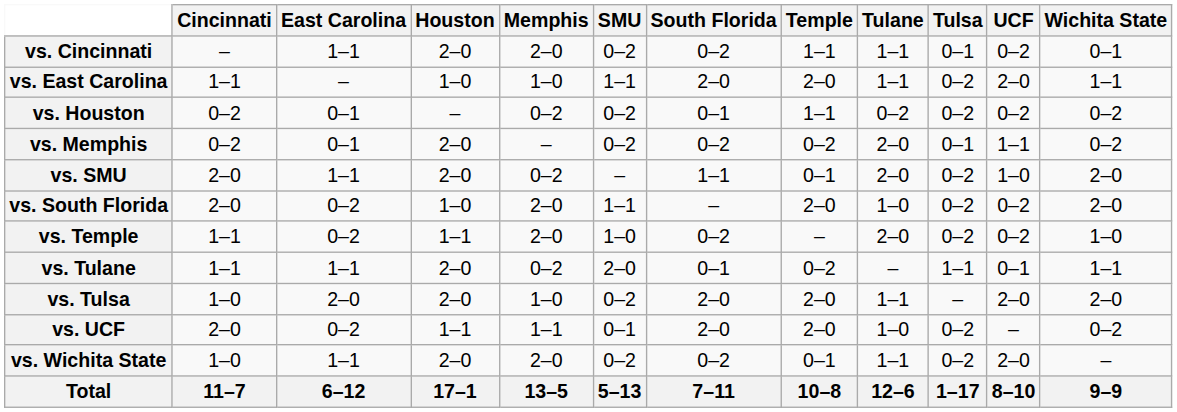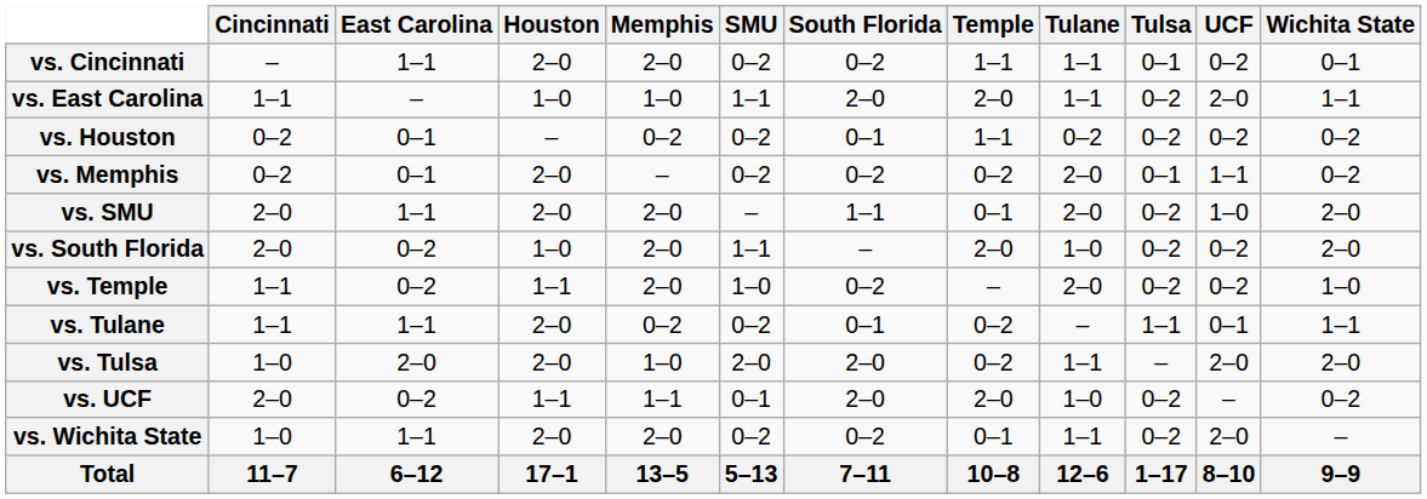 <table class="wikitable" style="white-space:nowrap;font-size:90%;">
 <tr>
 <th colspan="1" style="background:white; border-top-style:hidden; border-left-style:hidden;" width="75"> </th>
 <th style=>Cincinnati</th>
 <th style=>East Carolina</th>
 <th>Houston</th>
 <th>Memphis</th>
 <th>SMU</th>
 <th>South Florida</th>
 <th>Temple</th>
 <th>Tulane</th>
 <th>Tulsa</th>
 <th style=>UCF</th>
 <th style=>Wichita State</th>
 </tr>
 <tr style="text-align:center;">
 <th>vs. Cincinnati</th>
 <td>–</td>
 <td>1–1</td>
 <td>2–0</td>
 <td>2–0</td>
 <td>0–2</td>
 <td>0–2</td>
 <td>1–1</td>
 <td>1–1</td>
 <td>0–1</td>
 <td>0–2</td>
 <td>0–1</td>
 </tr>
 <tr style="text-align:center;">
 <th>vs. East Carolina</th>
 <td>1–1</td>
 <td>–</td>
 <td>1–0</td>
 <td>1–0</td>
 <td>1–1</td>
 <td>2–0</td>
 <td>2–0</td>
 <td>1–1</td>
 <td>0–2</td>
 <td>2–0</td>
 <td>1–1</td>
 </tr>
 <tr style="text-align:center;">
 <th>vs. Houston</th>
 <td>0–2</td>
 <td>0–1</td>
 <td>–</td>
 <td>0–2</td>
 <td>0–2</td>
 <td>0–1</td>
 <td>1–1</td>
 <td>0–2</td>
 <td>0–2</td>
 <td>0–2</td>
 <td>0–2</td>
 </tr>
 <tr style="text-align:center;">
 <th>vs. Memphis</th>
 <td>0–2</td>
 <td>0–1</td>
 <td>2–0</td>
 <td>–</td>
 <td>0–2</td>
 <td>0–2</td>
 <td>0–2</td>
 <td>2–0</td>
 <td>0–1</td>
 <td>1–1</td>
 <td>0–2</td>
 </tr>
 <tr style="text-align:center;">
 <th>vs. SMU</th>
 <td>2–0</td>
 <td>1–1</td>
 <td>2–0</td>
-<td>0–2</td>
+<td>2–0</td>
 <td>–</td>
 <td>1–1</td>
 <td>0–1</td>
 <td>2–0</td>
 <td>0–2</td>
 <td>1–0</td>
 <td>2–0</td>
 </tr>
 <tr style="text-align:center;">
 <th>vs. South Florida</th>
 <td>2–0</td>
 <td>0–2</td>
 <td>1–0</td>
 <td>2–0</td>
 <td>1–1</td>
 <td>–</td>
 <td>2–0</td>
 <td>1–0</td>
 <td>0–2</td>
 <td>0–2</td>
 <td>2–0</td>
 </tr>
 <tr style="text-align:center;">
 <th>vs. Temple</th>
 <td>1–1</td>
 <td>0–2</td>
 <td>1–1</td>
 <td>2–0</td>
 <td>1–0</td>
 <td>0–2</td>
 <td>–</td>
 <td>2–0</td>
 <td>0–2</td>
 <td>0–2</td>
 <td>1–0</td>
 </tr>
 <tr style="text-align:center;">
 <th>vs. Tulane</th>
 <td>1–1</td>
 <td>1–1</td>
 <td>2–0</td>
 <td>0–2</td>
-<td>2–0</td>
+<td>0–2</td>
 <td>0–1</td>
 <td>0–2</td>
 <td>–</td>
 <td>1–1</td>
 <td>0–1</td>
 <td>1–1</td>
 </tr>
 <tr style="text-align:center;">
 <th>vs. Tulsa</th>
 <td>1–0</td>
 <td>2–0</td>
 <td>2–0</td>
 <td>1–0</td>
-<td>0–2</td>
 <td>2–0</td>
 <td>2–0</td>
+<td>0–2</td>
 <td>1–1</td>
 <td>–</td>
 <td>2–0</td>
 <td>2–0</td>
 </tr>
 <tr style="text-align:center;">
 <th>vs. UCF</th>
 <td>2–0</td>
 <td>0–2</td>
 <td>1–1</td>
 <td>1–1</td>
 <td>0–1</td>
 <td>2–0</td>
 <td>2–0</td>
 <td>1–0</td>
 <td>0–2</td>
 <td>–</td>
 <td>0–2</td>
 </tr>
 <tr style="text-align:center;">
 <th>vs. Wichita State</th>
 <td>1–0</td>
 <td>1–1</td>
 <td>2–0</td>
 <td>2–0</td>
 <td>0–2</td>
 <td>0–2</td>
 <td>0–1</td>
 <td>1–1</td>
 <td>0–2</td>
 <td>2–0</td>
 <td>–<br></td>
 </tr>
 <tr style="text-align:center;">
 <th>Total</th>
 <th>11–7</th>
 <th>6–12</th>
 <th>17–1</th>
 <th>13–5</th>
 <th>5–13</th>
 <th>7–11</th>
 <th>10–8</th>
 <th>12–6</th>
 <th>1–17</th>
 <th>8–10</th>
 <th>9–9</th>
 </tr>
 </table>
